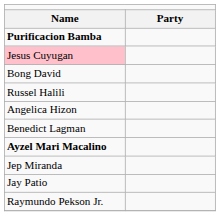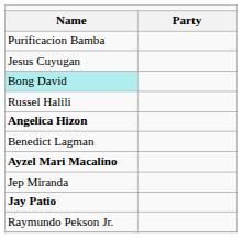 <table class=wikitable style="font-size:90%">
 <tr>
 <td colspan=4 bgcolor=></td>
 </tr>
 <tr>
 <th width=150px>Name</th>
 <th colspan=2 width=110px>Party</th>
 </tr>
 <tr>
-<td><strong>Purificacion Bamba</strong></td>
+<td>Purificacion Bamba</td>
 <td></td>
 </tr>
 <tr>
-<td style="background: pink;">Jesus Cuyugan</td>
+<td>Jesus Cuyugan</td>
 <td></td>
 </tr>
 <tr>
-<td>Bong David</td>
+<td style="background: paleturquoise;">Bong David</td>
 <td></td>
 </tr>
 <tr>
 <td>Russel Halili</td>
 <td></td>
 </tr>
 <tr>
-<td>Angelica Hizon</td>
+<td><strong>Angelica Hizon</strong></td>
 <td></td>
 </tr>
 <tr>
 <td>Benedict Lagman</td>
 <td></td>
 </tr>
 <tr>
 <td><strong>Ayzel Mari Macalino</strong></td>
 <td></td>
 </tr>
 <tr>
 <td>Jep Miranda</td>
 <td></td>
 </tr>
 <tr>
-<td>Jay Patio</td>
+<td><strong>Jay Patio</strong></td>
 <td></td>
 </tr>
 <tr>
 <td>Raymundo Pekson Jr.</td>
 <td></td>
 </tr>
 <tr>
 </tr>
 </table>
